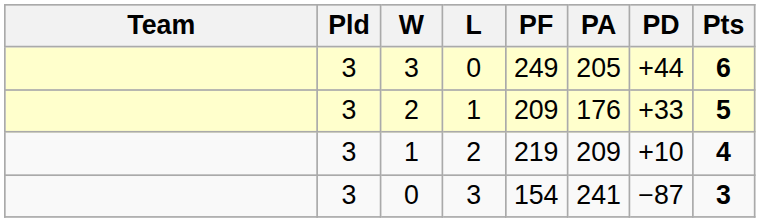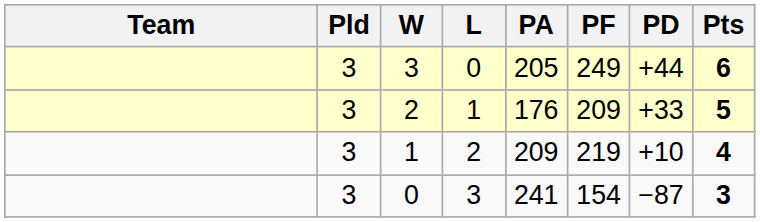 <table class=wikitable style="text-align:center">
 <tr>
 <th width=180>Team</th>
 <th width=30>Pld</th>
 <th width=30>W</th>
 <th width=30>L</th>
+<th width=30>PA</th>
 <th width=30>PF</th>
-<th width=30>PA</th>
 <th width=30>PD</th>
 <th width=30>Pts</th>
 </tr>
 <tr bgcolor="#ffffcc">
 <td align="left"></td>
 <td>3</td>
 <td>3</td>
 <td>0</td>
+<td>205</td>
 <td>249</td>
-<td>205</td>
 <td>+44</td>
 <td><strong>6</strong></td>
 </tr>
 <tr bgcolor="#ffffcc">
 <td align="left"></td>
 <td>3</td>
 <td>2</td>
 <td>1</td>
+<td>176</td>
 <td>209</td>
-<td>176</td>
 <td>+33</td>
 <td><strong>5</strong></td>
 </tr>
 <tr>
 <td align="left"></td>
 <td>3</td>
 <td>1</td>
 <td>2</td>
+<td>209</td>
 <td>219</td>
-<td>209</td>
 <td>+10</td>
 <td><strong>4</strong></td>
 </tr>
 <tr>
 <td align="left"></td>
 <td>3</td>
 <td>0</td>
 <td>3</td>
+<td>241</td>
 <td>154</td>
-<td>241</td>
 <td>−87</td>
 <td><strong>3</strong></td>
 </tr>
 </table>
